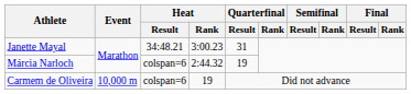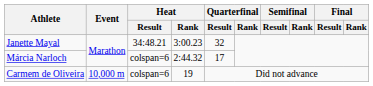 <table class="wikitable" style="font-size:90%">
 <tr>
 <th rowspan="2">Athlete</th>
 <th rowspan="2">Event</th>
 <th colspan="2">Heat</th>
 <th colspan="2">Quarterfinal</th>
 <th colspan="2">Semifinal</th>
 <th colspan="2">Final</th>
 </tr>
 <tr style="font-size:95%">
 <th>Result</th>
 <th>Rank</th>
 <th>Result</th>
 <th>Rank</th>
 <th>Result</th>
 <th>Rank</th>
 <th>Result</th>
 <th>Rank</th>
 </tr>
 <tr align=center>
 <td align=left rowspan="1"><a href='#'>Janette Mayal</a></td>
 <td align=left rowspan=2><a href='#'>Marathon</a></td>
 <td>34:48.21</td>
 <td>3:00.23</td>
-<td>31</td>
+<td>32</td>
 </tr>
 <tr align=center>
 <td align=left rowspan="1"><a href='#'>Márcia Narloch</a></td>
 <td>colspan=6 </td>
 <td>2:44.32</td>
-<td>19</td>
+<td>17</td>
 </tr>
 <tr align=center>
 <td align=left rowspan="1"><a href='#'>Carmem de Oliveira</a></td>
 <td align=left><a href='#'>10,000 m</a></td>
 <td>colspan=6 </td>
 <td>19</td>
 <td colspan=6>Did not advance</td>
 </tr>
 </table>
